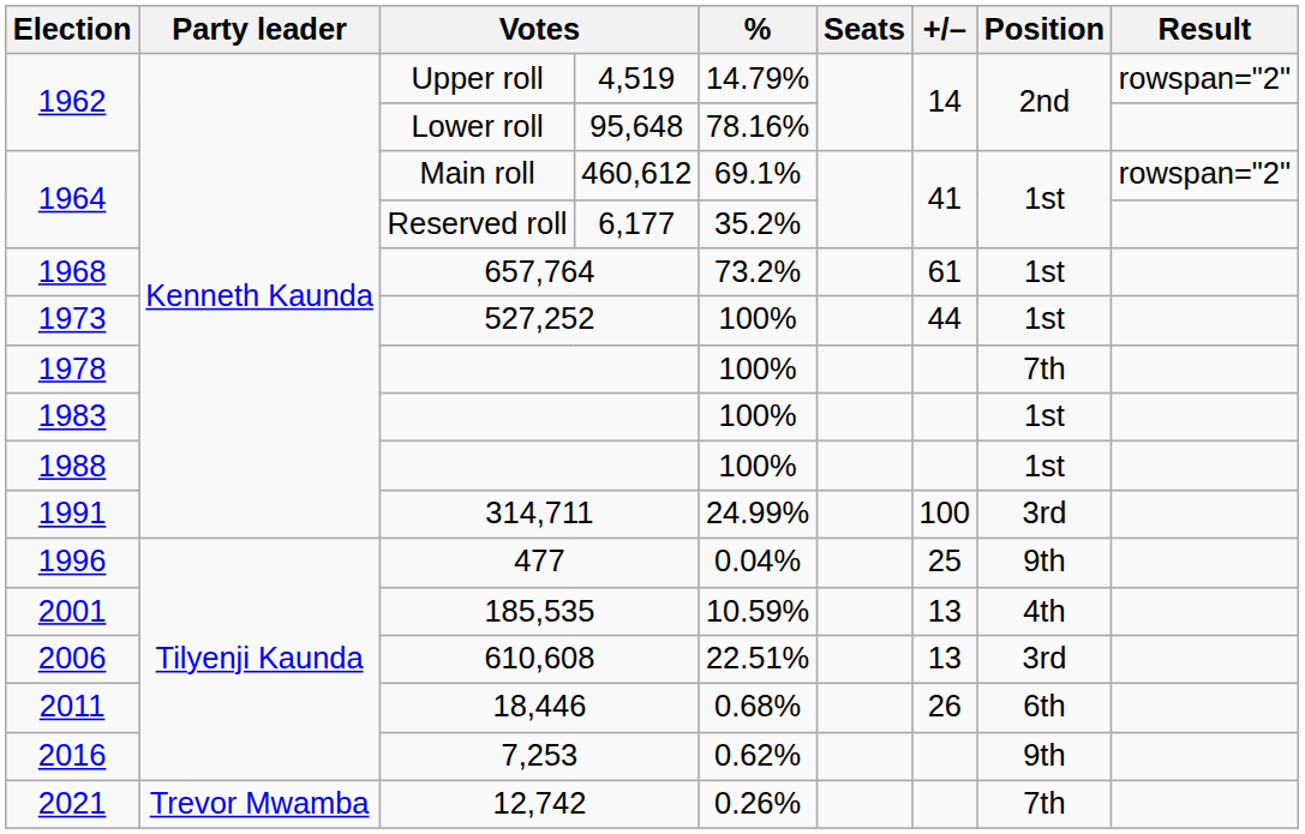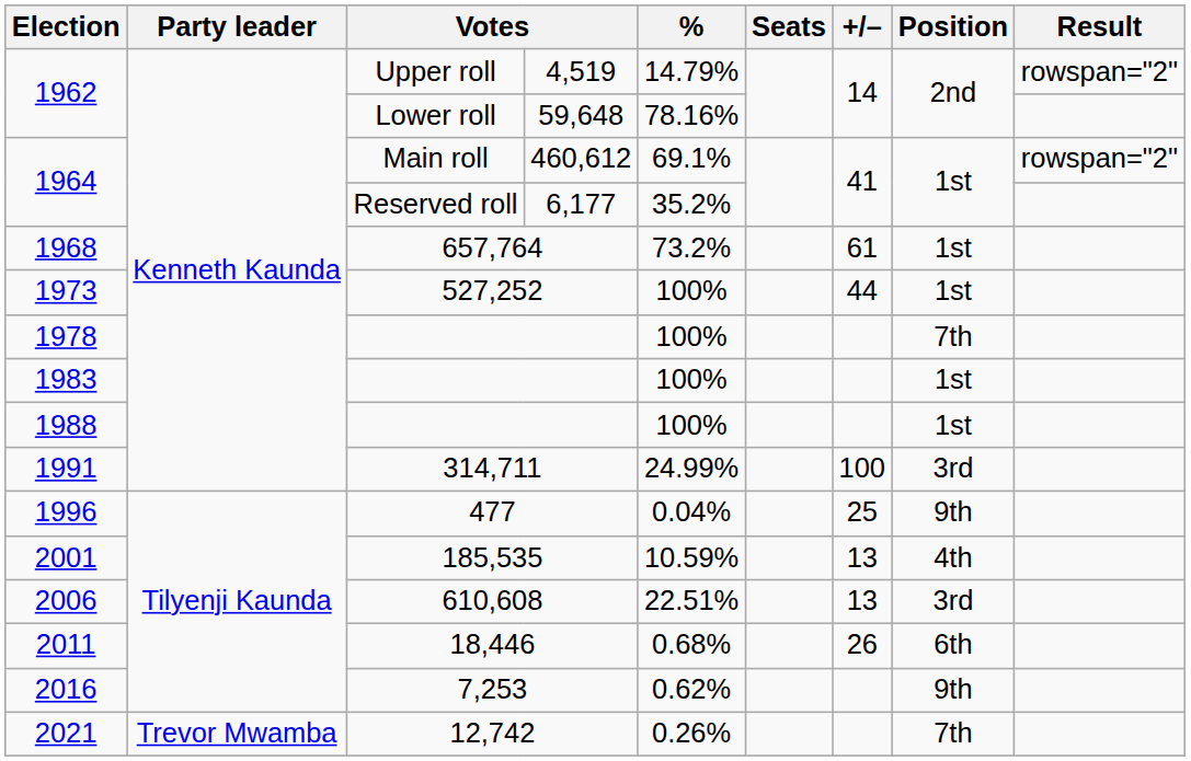 <table class=wikitable style=text-align:center>
 <tr>
 <th>Election</th>
 <th>Party leader</th>
 <th colspan="2">Votes</th>
 <th>%</th>
 <th>Seats</th>
 <th>+/–</th>
 <th>Position</th>
 <th>Result</th>
 </tr>
 <tr>
 <td rowspan="2"><a href='#'>1962</a></td>
 <td rowspan="10"><a href='#'>Kenneth Kaunda</a></td>
 <td>Upper roll</td>
 <td>4,519</td>
 <td>14.79%</td>
 <td rowspan="2"></td>
 <td rowspan="2"> 14</td>
 <td rowspan="2"> 2nd</td>
 <td>rowspan="2" </td>
 </tr>
 <tr>
 <td>Lower roll</td>
-<td>95,648</td>
+<td>59,648</td>
 <td>78.16%</td>
 </tr>
 <tr>
 <td rowspan="2"><a href='#'>1964</a></td>
 <td>Main roll</td>
 <td>460,612</td>
 <td>69.1%</td>
 <td rowspan="2"></td>
 <td rowspan="2"> 41</td>
 <td rowspan="2"> 1st</td>
 <td>rowspan="2" </td>
 </tr>
 <tr>
 <td>Reserved roll</td>
 <td>6,177</td>
 <td>35.2%</td>
 </tr>
 <tr>
 <td><a href='#'>1968</a></td>
 <td colspan="2">657,764</td>
 <td>73.2%</td>
 <td><br></td>
 <td> 61</td>
 <td> 1st</td>
 <td></td>
 </tr>
 <tr>
 <td><a href='#'>1973</a></td>
 <td colspan="2">527,252</td>
 <td>100%</td>
 <td><br></td>
 <td> 44</td>
 <td> 1st</td>
 <td></td>
 </tr>
 <tr>
 <td><a href='#'>1978</a></td>
 <td colspan="2"></td>
 <td>100%</td>
 <td><br></td>
 <td></td>
 <td> 7th</td>
 <td></td>
 </tr>
 <tr>
 <td><a href='#'>1983</a></td>
 <td colspan="2"></td>
 <td>100%</td>
 <td><br></td>
 <td></td>
 <td> 1st</td>
 <td></td>
 </tr>
 <tr>
 <td><a href='#'>1988</a></td>
 <td colspan="2"></td>
 <td>100%</td>
 <td></td>
 <td></td>
 <td> 1st</td>
 <td></td>
 </tr>
 <tr>
 <td><a href='#'>1991</a></td>
 <td colspan="2">314,711</td>
 <td>24.99%</td>
 <td><br></td>
 <td> 100</td>
 <td> 3rd</td>
 <td></td>
 </tr>
 <tr>
 <td><a href='#'>1996</a></td>
 <td rowspan="5"><a href='#'>Tilyenji Kaunda</a></td>
 <td colspan="2">477</td>
 <td>0.04%</td>
 <td><br></td>
 <td> 25</td>
 <td> 9th</td>
 <td></td>
 </tr>
 <tr>
 <td><a href='#'>2001</a></td>
 <td colspan="2">185,535</td>
 <td>10.59%</td>
 <td></td>
 <td> 13</td>
 <td> 4th</td>
 <td></td>
 </tr>
 <tr>
 <td><a href='#'>2006</a></td>
 <td colspan="2">610,608<br></td>
 <td>22.51%</td>
 <td></td>
 <td> 13</td>
 <td> 3rd</td>
 <td></td>
 </tr>
 <tr>
 <td><a href='#'>2011</a></td>
 <td colspan="2">18,446</td>
 <td>0.68%</td>
 <td></td>
 <td> 26</td>
 <td> 6th</td>
 <td></td>
 </tr>
 <tr>
 <td><a href='#'>2016</a></td>
 <td colspan="2">7,253</td>
 <td>0.62%</td>
 <td></td>
 <td></td>
 <td> 9th</td>
 <td></td>
 </tr>
 <tr>
 <td><a href='#'>2021</a></td>
 <td><a href='#'>Trevor Mwamba</a></td>
 <td colspan="2">12,742</td>
 <td>0.26%</td>
 <td></td>
 <td></td>
 <td> 7th</td>
 <td></td>
 </tr>
 </table>
